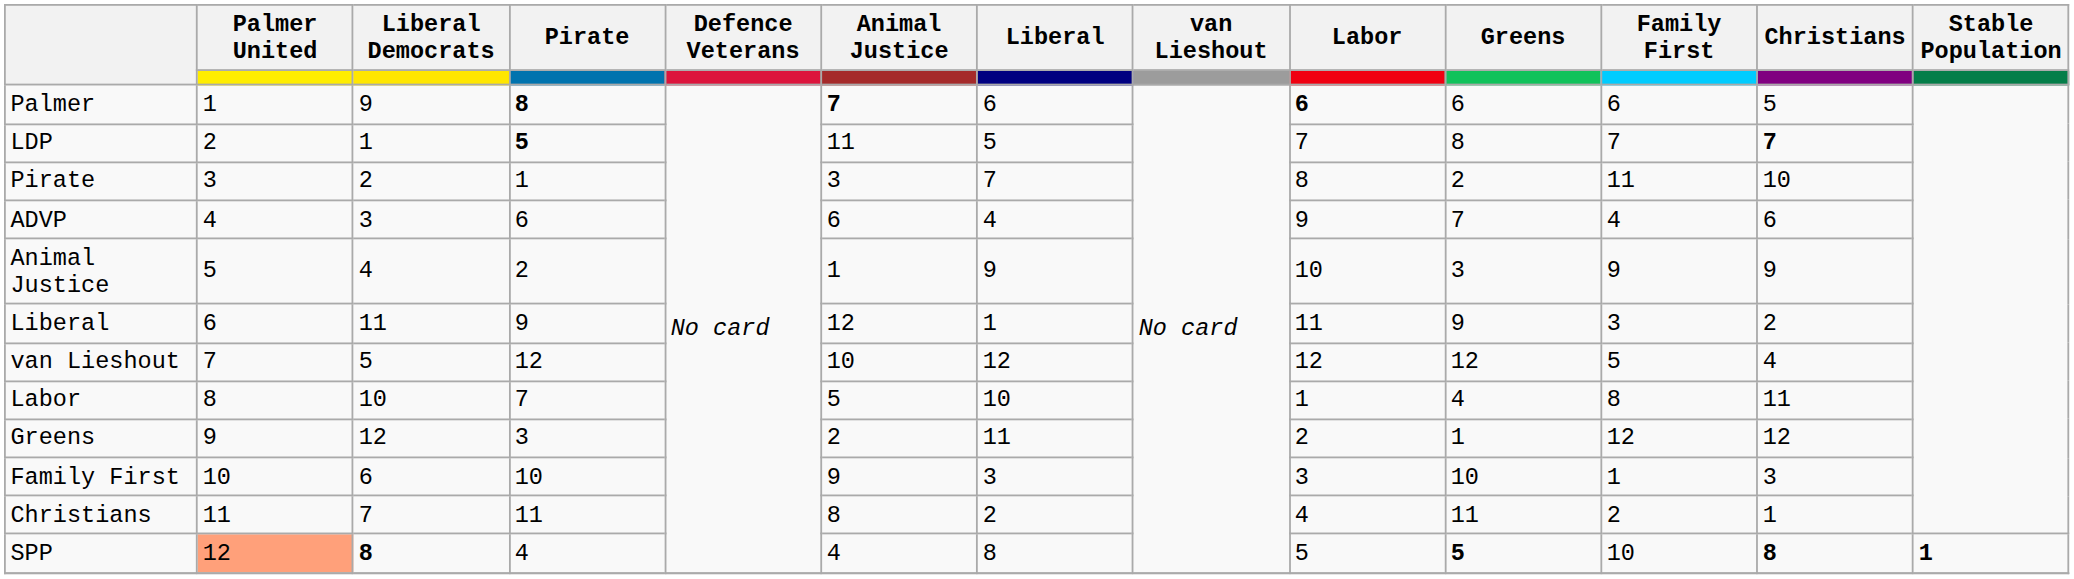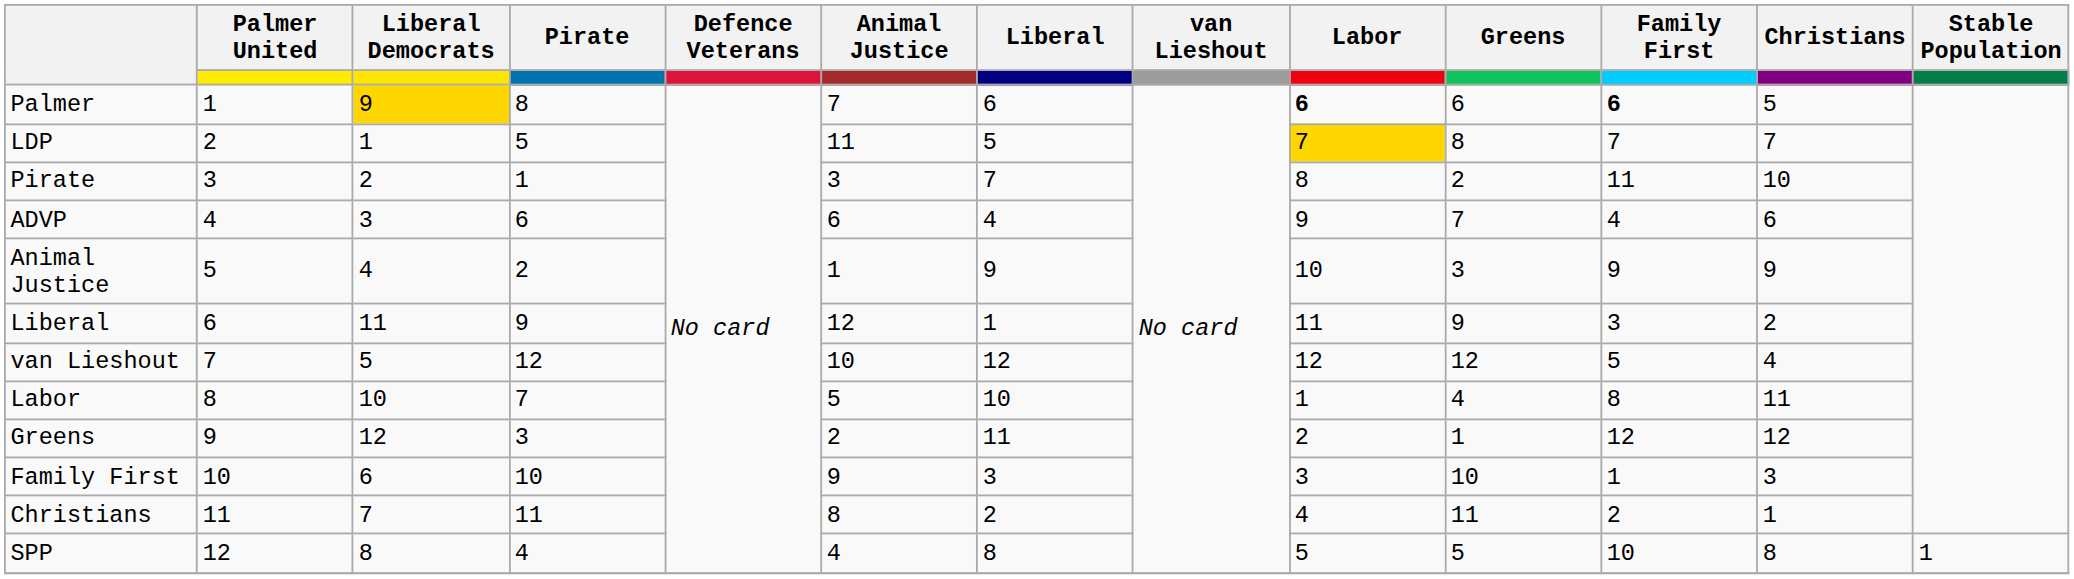 <table class="wikitable">
 <tr>
 <th width="100px" rowspan="2"></th>
 <th width="80px">Palmer United</th>
 <th width="80px">Liberal Democrats</th>
 <th width="80px">Pirate</th>
 <th width="80px">Defence Veterans</th>
 <th width="80px">Animal Justice</th>
 <th width="80px">Liberal</th>
 <th width="80px">van Lieshout</th>
 <th width="80px">Labor</th>
 <th width="80px">Greens</th>
 <th width="80px">Family First</th>
 <th width="80px">Christians</th>
 <th width="80px">Stable Population</th>
 </tr>
 <tr>
 <th style="height:2px; background:#FFED00;"></th>
 <th style="background:#FFE600;"></th>
 <th style="background:#0073ae;"></th>
 <th style="background:#DC143C;"></th>
 <th style="background:#A52A2A;"></th>
 <th style="background:#000080;"></th>
 <th style="background:#9C9C9C;"></th>
 <th style="background:#F00011;"></th>
 <th style="background:#10C25B;"></th>
 <th style="background:#00CCFF;"></th>
 <th style="background:#800080;"></th>
 <th style="background:#047E49;"></th>
 </tr>
 <tr>
 <td>Palmer</td>
 <td>1</td>
-<td>9</td>
-<td><strong>8</strong></td>
+<td style="background: gold;">9</td>
+<td>8</td>
 <td rowspan="12"><em>No card</em></td>
-<td><strong>7</strong></td>
+<td>7</td>
 <td>6</td>
 <td rowspan="12"><em>No card</em></td>
 <td><strong>6</strong></td>
 <td>6</td>
-<td>6</td>
+<td><strong>6</strong></td>
 <td>5</td>
 <td rowspan="11"></td>
 </tr>
 <tr>
 <td>LDP</td>
 <td>2</td>
 <td>1</td>
-<td><strong>5</strong></td>
+<td>5</td>
 <td>11</td>
 <td>5</td>
-<td>7</td>
+<td style="background: gold;">7</td>
 <td>8</td>
 <td>7</td>
-<td><strong>7</strong></td>
+<td>7</td>
 </tr>
 <tr>
 <td>Pirate</td>
 <td>3</td>
 <td>2</td>
 <td>1</td>
 <td>3</td>
 <td>7</td>
 <td>8</td>
 <td>2</td>
 <td>11</td>
 <td>10</td>
 </tr>
 <tr>
 <td>ADVP</td>
 <td>4</td>
 <td>3</td>
 <td>6</td>
 <td>6</td>
 <td>4</td>
 <td>9</td>
 <td>7</td>
 <td>4</td>
 <td>6</td>
 </tr>
 <tr>
 <td>Animal Justice</td>
 <td>5</td>
 <td>4</td>
 <td>2</td>
 <td>1</td>
 <td>9</td>
 <td>10</td>
 <td>3</td>
 <td>9</td>
 <td>9</td>
 </tr>
 <tr>
 <td>Liberal</td>
 <td>6</td>
 <td>11</td>
 <td>9</td>
 <td>12</td>
 <td>1</td>
 <td>11</td>
 <td>9</td>
 <td>3</td>
 <td>2</td>
 </tr>
 <tr>
 <td>van Lieshout</td>
 <td>7</td>
 <td>5</td>
 <td>12</td>
 <td>10</td>
 <td>12</td>
 <td>12</td>
 <td>12</td>
 <td>5</td>
 <td>4</td>
 </tr>
 <tr>
 <td>Labor</td>
 <td>8</td>
 <td>10</td>
 <td>7</td>
 <td>5</td>
 <td>10</td>
 <td>1</td>
 <td>4</td>
 <td>8</td>
 <td>11</td>
 </tr>
 <tr>
 <td>Greens</td>
 <td>9</td>
 <td>12</td>
 <td>3</td>
 <td>2</td>
 <td>11</td>
 <td>2</td>
 <td>1</td>
 <td>12</td>
 <td>12</td>
 </tr>
 <tr>
 <td>Family First</td>
 <td>10</td>
 <td>6</td>
 <td>10</td>
 <td>9</td>
 <td>3</td>
 <td>3</td>
 <td>10</td>
 <td>1</td>
 <td>3</td>
 </tr>
 <tr>
 <td>Christians</td>
 <td>11</td>
 <td>7</td>
 <td>11</td>
 <td>8</td>
 <td>2</td>
 <td>4</td>
 <td>11</td>
 <td>2</td>
 <td>1</td>
 </tr>
 <tr>
 <td>SPP</td>
-<td style="background: lightsalmon;">12</td>
-<td><strong>8</strong></td>
+<td>12</td>
+<td>8</td>
 <td>4</td>
 <td>4</td>
 <td>8</td>
 <td>5</td>
-<td><strong>5</strong></td>
+<td>5</td>
 <td>10</td>
-<td><strong>8</strong></td>
-<td><strong>1</strong></td>
+<td>8</td>
+<td>1</td>
 </tr>
 <tr>
 </tr>
 </table>
